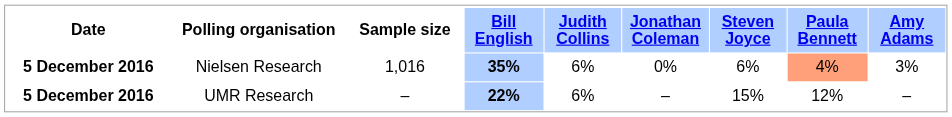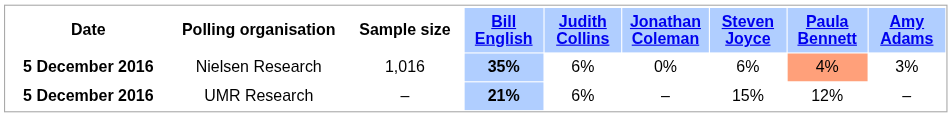 <table class= "sortable" "toccolours" cellpadding="5" cellspacing="1" style="width:850px; text-align:center; line-height:15px; float:left; margin-right:.5em; margin-top:.4em; font-size:90%;border: 1px solid #aaa;">
 <tr>
 </tr>
 <tr style="height:40px">
 <th style="width:15em;">Date</th>
 <th style="width:15em;">Polling organisation</th>
 <th style="width:10em;">Sample size</th>
 <th class="unsortable" style="background:#B0CEFF;width:5em;"><a href='#'>Bill English</a></th>
 <th class="unsortable" style="background:#B0CEFF;width:5em;"><a href='#'>Judith Collins</a></th>
 <th class="unsortable" style="background:#B0CEFF;width:5em;"><a href='#'>Jonathan Coleman</a></th>
 <th class="unsortable" style="background:#B0CEFF;width:5em;"><a href='#'>Steven Joyce</a></th>
 <th class="unsortable" style="background:#B0CEFF;width:5em;"><a href='#'>Paula Bennett</a></th>
 <th class="unsortable" style="background:#B0CEFF;width:5em;"><a href='#'>Amy Adams</a></th>
 </tr>
 <tr>
 <td><strong>5 December 2016</strong></td>
 <td>Nielsen Research</td>
 <td>1,016</td>
 <td align=center style="background:#B0CEFF"><strong>35%</strong></td>
 <td align=center>6%</td>
 <td align=center>0%</td>
 <td align=center>6%</td>
 <td align=center style="background: lightsalmon;">4%</td>
 <td align=center>3%</td>
 </tr>
 <tr>
 <td><strong>5 December 2016</strong></td>
 <td>UMR Research</td>
 <td>–</td>
-<td align=center style="background:#B0CEFF"><strong>22%</strong></td>
+<td align=center style="background:#B0CEFF"><strong>21%</strong></td>
 <td align=center>6%</td>
 <td align=center>–</td>
 <td align=center>15%</td>
 <td align=center>12%</td>
 <td align=center>–</td>
 </tr>
 </table>
